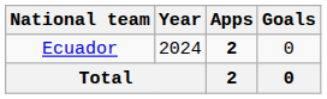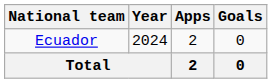 <table class="wikitable" style="text-align: center;">
 <tr>
 <th>National team</th>
 <th>Year</th>
 <th>Apps</th>
 <th>Goals</th>
 </tr>
 <tr>
 <td rowspan="1"><a href='#'>Ecuador</a></td>
 <td>2024</td>
-<td><strong>2</strong></td>
+<td>2</td>
 <td>0</td>
 </tr>
 <tr>
 <th colspan="2">Total</th>
 <th>2</th>
 <th>0</th>
 </tr>
 </table>
